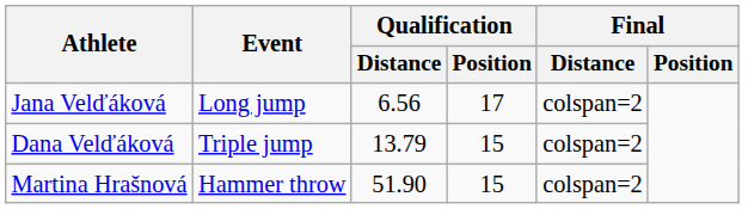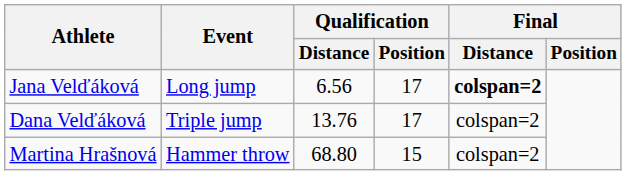 <table class=wikitable style="font-size:90%">
 <tr>
 <th rowspan="2">Athlete</th>
 <th rowspan="2">Event</th>
 <th colspan="2">Qualification</th>
 <th colspan="2">Final</th>
 </tr>
 <tr style="font-size:95%">
 <th>Distance</th>
 <th>Position</th>
 <th>Distance</th>
 <th>Position</th>
 </tr>
 <tr style=text-align:center>
 <td style=text-align:left><a href='#'>Jana Velďáková</a></td>
 <td style=text-align:left><a href='#'>Long jump</a></td>
 <td>6.56</td>
 <td>17</td>
-<td>colspan=2 </td>
+<td><strong>colspan=2 </strong></td>
 </tr>
 <tr style=text-align:center>
 <td style=text-align:left><a href='#'>Dana Velďáková</a></td>
 <td style=text-align:left><a href='#'>Triple jump</a></td>
-<td>13.79</td>
-<td>15</td>
+<td>13.76</td>
+<td>17</td>
 <td>colspan=2 </td>
 </tr>
 <tr style=text-align:center>
 <td style=text-align:left><a href='#'>Martina Hrašnová</a></td>
 <td style=text-align:left><a href='#'>Hammer throw</a></td>
-<td>51.90</td>
+<td>68.80</td>
 <td>15</td>
 <td>colspan=2 </td>
 </tr>
 </table>
